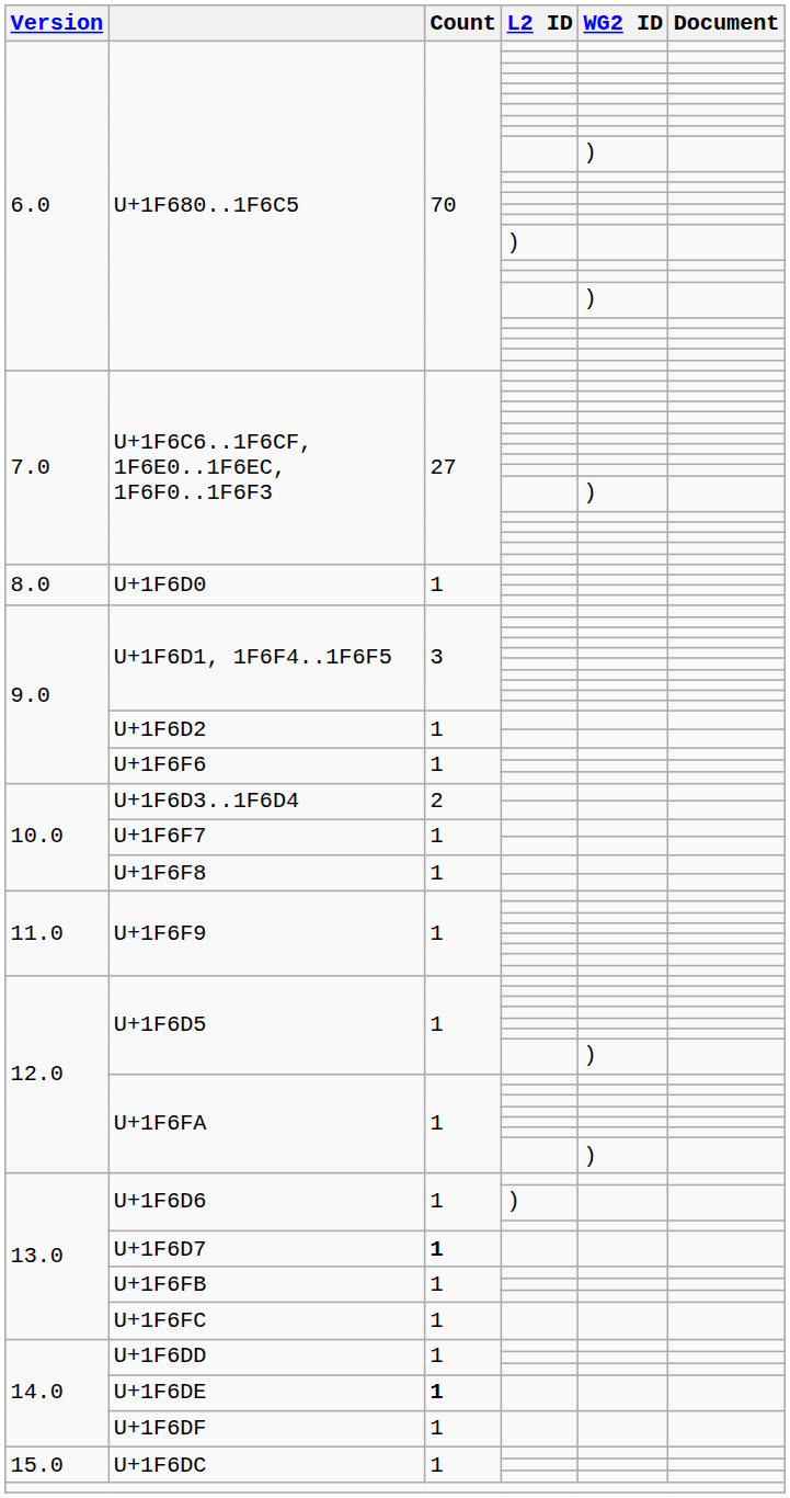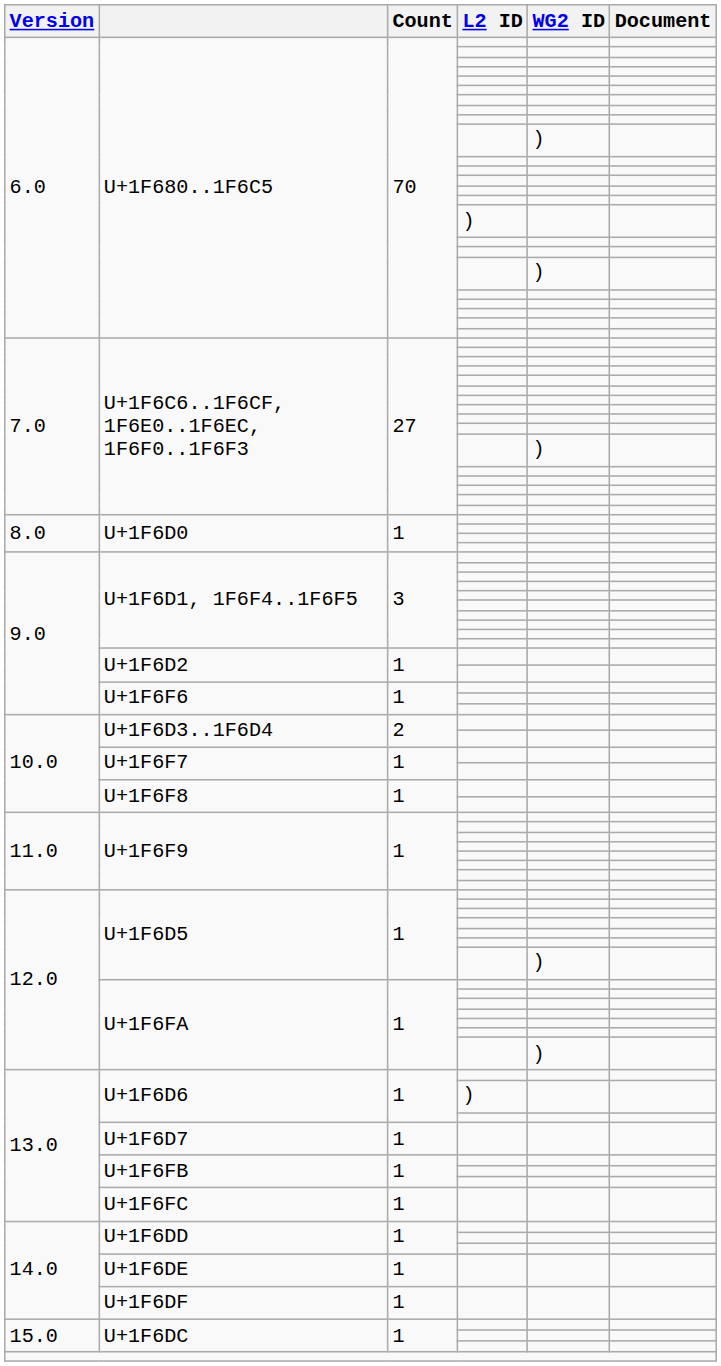 <table class="wikitable collapsible collapsed sticky-header">
 <tr>
 <th><a href='#'>Version</a></th>
 <th></th>
 <th>Count</th>
 <th><a href='#'>L2</a> ID</th>
 <th><a href='#'>WG2</a> ID</th>
 <th>Document</th>
 </tr>
 <tr>
 <td rowspan="24">6.0</td>
 <td rowspan="24" width="180">U+1F680..1F6C5</td>
 <td rowspan="24">70</td>
 <td></td>
 <td></td>
 <td></td>
 </tr>
 <tr>
 <td></td>
 <td></td>
 <td></td>
 </tr>
 <tr>
 <td></td>
 <td></td>
 <td></td>
 </tr>
 <tr>
 <td></td>
 <td></td>
 <td></td>
 </tr>
 <tr>
 <td></td>
 <td></td>
 <td></td>
 </tr>
 <tr>
 <td></td>
 <td></td>
 <td></td>
 </tr>
 <tr>
 <td></td>
 <td></td>
 <td></td>
 </tr>
 <tr>
 <td></td>
 <td></td>
 <td></td>
 </tr>
 <tr>
 <td></td>
 <td></td>
 <td></td>
 </tr>
 <tr>
 <td></td>
 <td> )</td>
 <td></td>
 </tr>
 <tr>
 <td></td>
 <td></td>
 <td></td>
 </tr>
 <tr>
 <td></td>
 <td></td>
 <td></td>
 </tr>
 <tr>
 <td></td>
 <td></td>
 <td></td>
 </tr>
 <tr>
 <td></td>
 <td></td>
 <td></td>
 </tr>
 <tr>
 <td></td>
 <td></td>
 <td></td>
 </tr>
 <tr>
 <td> )</td>
 <td></td>
 <td></td>
 </tr>
 <tr>
 <td></td>
 <td></td>
 <td></td>
 </tr>
 <tr>
 <td></td>
 <td></td>
 <td></td>
 </tr>
 <tr>
 <td></td>
 <td> )</td>
 <td></td>
 </tr>
 <tr>
 <td></td>
 <td></td>
 <td></td>
 </tr>
 <tr>
 <td></td>
 <td></td>
 <td></td>
 </tr>
 <tr>
 <td></td>
 <td></td>
 <td></td>
 </tr>
 <tr>
 <td></td>
 <td></td>
 <td></td>
 </tr>
 <tr>
 <td></td>
 <td></td>
 <td></td>
 </tr>
 <tr>
 <td rowspan="16">7.0</td>
 <td rowspan="16">U+1F6C6..1F6CF, 1F6E0..1F6EC, 1F6F0..1F6F3</td>
 <td rowspan="16">27</td>
 <td></td>
 <td></td>
 <td></td>
 </tr>
 <tr>
 <td></td>
 <td></td>
 <td></td>
 </tr>
 <tr>
 <td></td>
 <td></td>
 <td></td>
 </tr>
 <tr>
 <td></td>
 <td></td>
 <td></td>
 </tr>
 <tr>
 <td></td>
 <td></td>
 <td></td>
 </tr>
 <tr>
 <td></td>
 <td></td>
 <td></td>
 </tr>
 <tr>
 <td></td>
 <td></td>
 <td></td>
 </tr>
 <tr>
 <td></td>
 <td></td>
 <td></td>
 </tr>
 <tr>
 <td></td>
 <td></td>
 <td></td>
 </tr>
 <tr>
 <td></td>
 <td></td>
 <td></td>
 </tr>
 <tr>
 <td></td>
 <td> )</td>
 <td></td>
 </tr>
 <tr>
 <td></td>
 <td></td>
 <td></td>
 </tr>
 <tr>
 <td></td>
 <td></td>
 <td></td>
 </tr>
 <tr>
 <td></td>
 <td></td>
 <td></td>
 </tr>
 <tr>
 <td></td>
 <td></td>
 <td></td>
 </tr>
 <tr>
 <td></td>
 <td></td>
 <td></td>
 </tr>
 <tr>
 <td rowspan="4">8.0</td>
 <td rowspan="4">U+1F6D0</td>
 <td rowspan="4">1</td>
 <td></td>
 <td></td>
 <td></td>
 </tr>
 <tr>
 <td></td>
 <td></td>
 <td></td>
 </tr>
 <tr>
 <td></td>
 <td></td>
 <td></td>
 </tr>
 <tr>
 <td></td>
 <td></td>
 <td></td>
 </tr>
 <tr>
 <td rowspan="15">9.0</td>
 <td rowspan="10">U+1F6D1, 1F6F4..1F6F5</td>
 <td rowspan="10">3</td>
 <td></td>
 <td></td>
 <td></td>
 </tr>
 <tr>
 <td></td>
 <td></td>
 <td></td>
 </tr>
 <tr>
 <td></td>
 <td></td>
 <td></td>
 </tr>
 <tr>
 <td></td>
 <td></td>
 <td></td>
 </tr>
 <tr>
 <td></td>
 <td></td>
 <td></td>
 </tr>
 <tr>
 <td></td>
 <td></td>
 <td></td>
 </tr>
 <tr>
 <td></td>
 <td></td>
 <td></td>
 </tr>
 <tr>
 <td></td>
 <td></td>
 <td></td>
 </tr>
 <tr>
 <td></td>
 <td></td>
 <td></td>
 </tr>
 <tr>
 <td></td>
 <td></td>
 <td></td>
 </tr>
 <tr>
 <td rowspan="2">U+1F6D2</td>
 <td rowspan="2">1</td>
 <td></td>
 <td></td>
 <td></td>
 </tr>
 <tr>
 <td></td>
 <td></td>
 <td></td>
 </tr>
 <tr>
 <td rowspan="3">U+1F6F6</td>
 <td rowspan="3">1</td>
 <td></td>
 <td></td>
 <td></td>
 </tr>
 <tr>
 <td></td>
 <td></td>
 <td></td>
 </tr>
 <tr>
 <td></td>
 <td></td>
 <td></td>
 </tr>
 <tr>
 <td rowspan="6">10.0</td>
 <td rowspan="2">U+1F6D3..1F6D4</td>
 <td rowspan="2">2</td>
 <td></td>
 <td></td>
 <td></td>
 </tr>
 <tr>
 <td></td>
 <td></td>
 <td></td>
 </tr>
 <tr>
 <td rowspan="2">U+1F6F7</td>
 <td rowspan="2">1</td>
 <td></td>
 <td></td>
 <td></td>
 </tr>
 <tr>
 <td></td>
 <td></td>
 <td></td>
 </tr>
 <tr>
 <td rowspan="2">U+1F6F8</td>
 <td rowspan="2">1</td>
 <td></td>
 <td></td>
 <td></td>
 </tr>
 <tr>
 <td></td>
 <td></td>
 <td></td>
 </tr>
 <tr>
 <td rowspan="8">11.0</td>
 <td rowspan="8">U+1F6F9</td>
 <td rowspan="8">1</td>
 <td></td>
 <td></td>
 <td></td>
 </tr>
 <tr>
 <td></td>
 <td></td>
 <td></td>
 </tr>
 <tr>
 <td></td>
 <td></td>
 <td></td>
 </tr>
 <tr>
 <td></td>
 <td></td>
 <td></td>
 </tr>
 <tr>
 <td></td>
 <td></td>
 <td></td>
 </tr>
 <tr>
 <td></td>
 <td></td>
 <td></td>
 </tr>
 <tr>
 <td></td>
 <td></td>
 <td></td>
 </tr>
 <tr>
 <td></td>
 <td></td>
 <td></td>
 </tr>
 <tr>
 <td rowspan="14">12.0</td>
 <td rowspan="7">U+1F6D5</td>
 <td rowspan="7">1</td>
 <td></td>
 <td></td>
 <td></td>
 </tr>
 <tr>
 <td></td>
 <td></td>
 <td></td>
 </tr>
 <tr>
 <td></td>
 <td></td>
 <td></td>
 </tr>
 <tr>
 <td></td>
 <td></td>
 <td></td>
 </tr>
 <tr>
 <td></td>
 <td></td>
 <td></td>
 </tr>
 <tr>
 <td></td>
 <td></td>
 <td></td>
 </tr>
 <tr>
 <td></td>
 <td> )</td>
 <td></td>
 </tr>
 <tr>
 <td rowspan="7">U+1F6FA</td>
 <td rowspan="7">1</td>
 <td></td>
 <td></td>
 <td></td>
 </tr>
 <tr>
 <td></td>
 <td></td>
 <td></td>
 </tr>
 <tr>
 <td></td>
 <td></td>
 <td></td>
 </tr>
 <tr>
 <td></td>
 <td></td>
 <td></td>
 </tr>
 <tr>
 <td></td>
 <td></td>
 <td></td>
 </tr>
 <tr>
 <td></td>
 <td></td>
 <td></td>
 </tr>
 <tr>
 <td></td>
 <td> )</td>
 <td></td>
 </tr>
 <tr>
 <td rowspan="8">13.0</td>
 <td rowspan="3">U+1F6D6</td>
 <td rowspan="3">1</td>
 <td></td>
 <td></td>
 <td></td>
 </tr>
 <tr>
 <td> )</td>
 <td></td>
 <td></td>
 </tr>
 <tr>
 <td></td>
 <td></td>
 <td></td>
 </tr>
 <tr>
 <td>U+1F6D7</td>
-<td><strong>1</strong></td>
+<td>1</td>
 <td></td>
 <td></td>
 <td></td>
 </tr>
 <tr>
 <td rowspan="3">U+1F6FB</td>
 <td rowspan="3">1</td>
 <td></td>
 <td></td>
 <td></td>
 </tr>
 <tr>
 <td></td>
 <td></td>
 <td></td>
 </tr>
 <tr>
 <td></td>
 <td></td>
 <td></td>
 </tr>
 <tr>
 <td>U+1F6FC</td>
 <td>1</td>
 <td></td>
 <td></td>
 <td></td>
 </tr>
 <tr>
 <td rowspan="5">14.0</td>
 <td rowspan="3">U+1F6DD</td>
 <td rowspan="3">1</td>
 <td></td>
 <td></td>
 <td></td>
 </tr>
 <tr>
 <td></td>
 <td></td>
 <td></td>
 </tr>
 <tr>
 <td></td>
 <td></td>
 <td></td>
 </tr>
 <tr>
 <td>U+1F6DE</td>
-<td><strong>1</strong></td>
+<td>1</td>
 <td></td>
 <td></td>
 <td></td>
 </tr>
 <tr>
 <td>U+1F6DF</td>
 <td>1</td>
 <td></td>
 <td></td>
 <td></td>
 </tr>
 <tr>
 <td rowspan="3">15.0</td>
 <td rowspan="3">U+1F6DC</td>
 <td rowspan="3">1</td>
 <td></td>
 <td></td>
 <td></td>
 </tr>
 <tr>
 <td></td>
 <td></td>
 <td></td>
 </tr>
 <tr>
 <td></td>
 <td></td>
 <td></td>
 </tr>
 <tr class="sortbottom">
 <td colspan="6"></td>
 </tr>
 </table>
